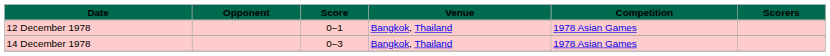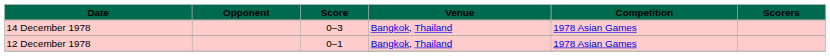 <table class="wikitable" width=100% style="text-align:left;font-size:95%;">
 <tr>
 <th style="background:#006a4e;"><span>Date</span></th>
 <th style="background:#006a4e;"><span>Opponent</span></th>
 <th style="background:#006a4e;"><span>Score</span></th>
 <th style="background:#006a4e;"><span>Venue</span></th>
 <th style="background:#006a4e;"><span>Competition</span></th>
 <th style="background:#006a4e;"><span>Scorers</span></th>
+</tr>
+<tr>
+</tr>
+<tr style="background:#fcc;">
+<td>14 December 1978</td>
+<td></td>
+<td style="text-align: center">0–3</td>
+<td> <a href='#'>Bangkok</a>, <a href='#'>Thailand</a></td>
+<td><a href='#'>1978 Asian Games</a></td>
+<td></td>
 </tr>
 <tr>
 </tr>
 <tr style="background:#fcc;">
 <td>12 December 1978</td>
 <td></td>
 <td style="text-align: center">0–1</td>
 <td> <a href='#'>Bangkok</a>, <a href='#'>Thailand</a></td>
 <td><a href='#'>1978 Asian Games</a></td>
 <td></td>
 </tr>
 <tr>
 </tr>
-<tr style="background:#fcc;">
-<td>14 December 1978</td>
-<td></td>
-<td style="text-align: center">0–3</td>
-<td> <a href='#'>Bangkok</a>, <a href='#'>Thailand</a></td>
-<td><a href='#'>1978 Asian Games</a></td>
-<td></td>
-</tr>
-<tr>
-</tr>
 </table>
